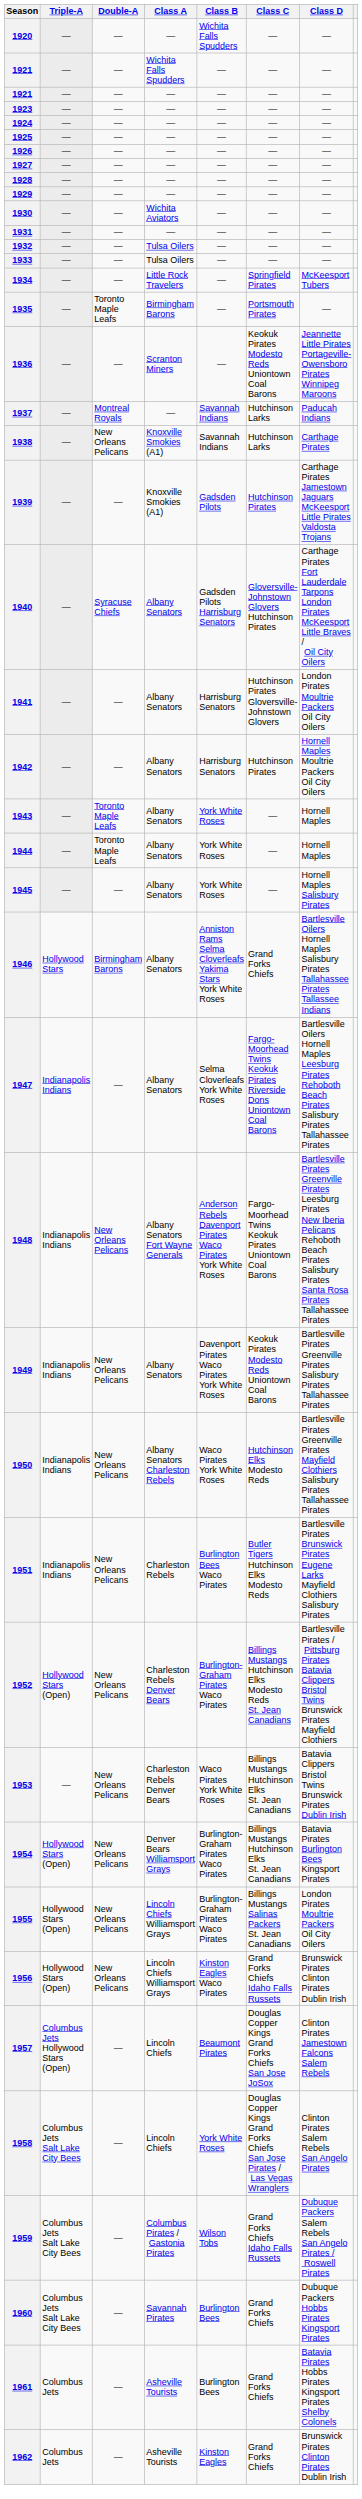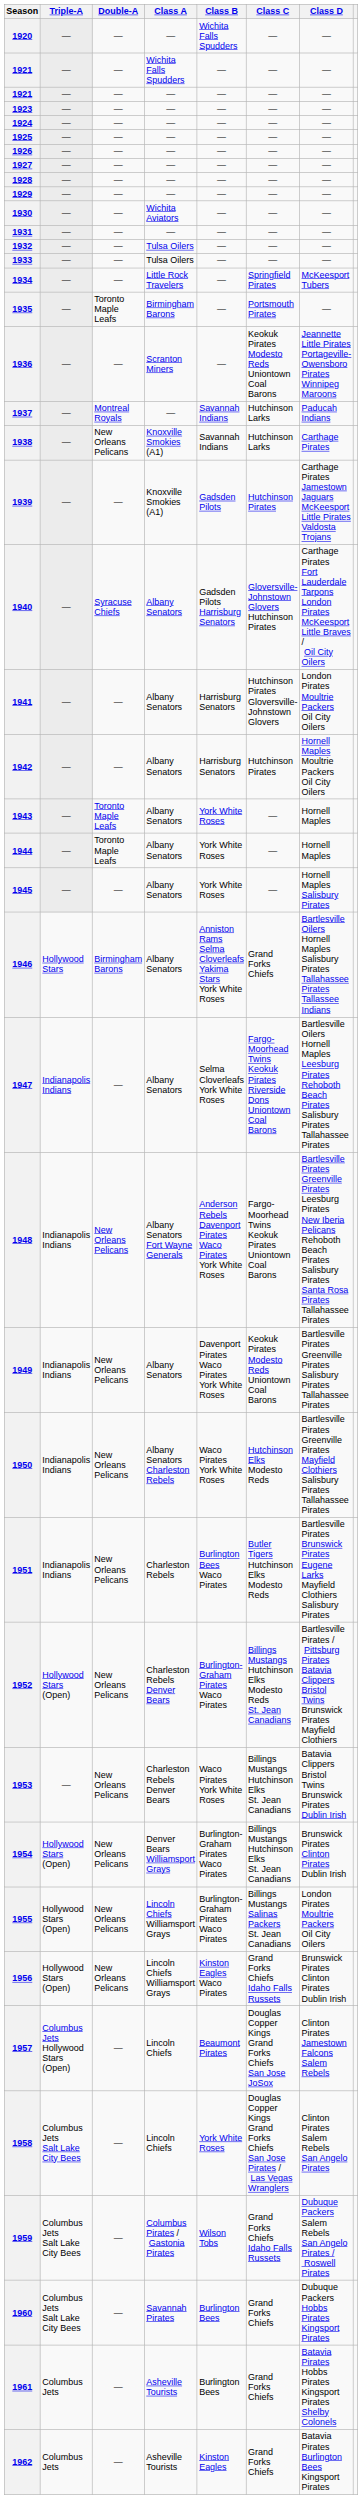 <table class="wikitable plainrowheaders">
 <tr>
 <th scope="col">Season</th>
 <th scope="col"><a href='#'><span>Triple-A</span></a></th>
 <th scope="col"><a href='#'><span>Double-A</span></a></th>
 <th scope="col"><a href='#'><span>Class A</span></a></th>
 <th scope="col"><a href='#'><span>Class B</span></a></th>
 <th scope="col"><a href='#'><span>Class C</span></a></th>
 <th scope="col"><a href='#'><span>Class D</span></a></th>
 <th scope="col"></th>
 </tr>
 <tr>
 <th scope="row" style="text-align:center"><a href='#'>1920</a></th>
 <td style="background:#ececec" align="center">—</td>
 <td align="center">—</td>
 <td align="center">—</td>
 <td><a href='#'>Wichita Falls Spudders</a></td>
 <td align="center">—</td>
 <td align="center">—</td>
 <td align="center"></td>
 </tr>
 <tr>
 <th scope="row" style="text-align:center"><a href='#'>1921</a></th>
 <td style="background:#ececec" align="center">—</td>
 <td align="center">—</td>
 <td><a href='#'>Wichita Falls Spudders</a></td>
 <td align="center">—</td>
 <td align="center">—</td>
 <td align="center">—</td>
 <td align="center"></td>
 </tr>
 <tr>
 <th scope="row" style="text-align:center"><a href='#'>1921</a></th>
 <td style="background:#ececec" align="center">—</td>
 <td align="center">—</td>
 <td align="center">—</td>
 <td align="center">—</td>
 <td align="center">—</td>
 <td align="center">—</td>
 <td align="center"></td>
 </tr>
 <tr>
 <th scope="row" style="text-align:center"><a href='#'>1923</a></th>
 <td style="background:#ececec" align="center">—</td>
 <td align="center">—</td>
 <td align="center">—</td>
 <td align="center">—</td>
 <td align="center">—</td>
 <td align="center">—</td>
 <td align="center"></td>
 </tr>
 <tr>
 <th scope="row" style="text-align:center"><a href='#'>1924</a></th>
 <td style="background:#ececec" align="center">—</td>
 <td align="center">—</td>
 <td align="center">—</td>
 <td align="center">—</td>
 <td align="center">—</td>
 <td align="center">—</td>
 <td align="center"></td>
 </tr>
 <tr>
 <th scope="row" style="text-align:center"><a href='#'>1925</a></th>
 <td style="background:#ececec" align="center">—</td>
 <td align="center">—</td>
 <td align="center">—</td>
 <td align="center">—</td>
 <td align="center">—</td>
 <td align="center">—</td>
 <td align="center"></td>
 </tr>
 <tr>
 <th scope="row" style="text-align:center"><a href='#'>1926</a></th>
 <td style="background:#ececec" align="center">—</td>
 <td align="center">—</td>
 <td align="center">—</td>
 <td align="center">—</td>
 <td align="center">—</td>
 <td align="center">—</td>
 <td align="center"></td>
 </tr>
 <tr>
 <th scope="row" style="text-align:center"><a href='#'>1927</a></th>
 <td style="background:#ececec" align="center">—</td>
 <td align="center">—</td>
 <td align="center">—</td>
 <td align="center">—</td>
 <td align="center">—</td>
 <td align="center">—</td>
 <td align="center"></td>
 </tr>
 <tr>
 <th scope="row" style="text-align:center"><a href='#'>1928</a></th>
 <td style="background:#ececec" align="center">—</td>
 <td align="center">—</td>
 <td align="center">—</td>
 <td align="center">—</td>
 <td align="center">—</td>
 <td align="center">—</td>
 <td align="center"></td>
 </tr>
 <tr>
 <th scope="row" style="text-align:center"><a href='#'>1929</a></th>
 <td style="background:#ececec" align="center">—</td>
 <td align="center">—</td>
 <td align="center">—</td>
 <td align="center">—</td>
 <td align="center">—</td>
 <td align="center">—</td>
 <td align="center"></td>
 </tr>
 <tr>
 <th scope="row" style="text-align:center"><a href='#'>1930</a></th>
 <td style="background:#ececec" align="center">—</td>
 <td align="center">—</td>
 <td><a href='#'>Wichita Aviators</a></td>
 <td align="center">—</td>
 <td align="center">—</td>
 <td align="center">—</td>
 <td align="center"></td>
 </tr>
 <tr>
 <th scope="row" style="text-align:center"><a href='#'>1931</a></th>
 <td style="background:#ececec" align="center">—</td>
 <td align="center">—</td>
 <td align="center">—</td>
 <td align="center">—</td>
 <td align="center">—</td>
 <td align="center">—</td>
 <td align="center"></td>
 </tr>
 <tr>
 <th scope="row" style="text-align:center"><a href='#'>1932</a></th>
 <td style="background:#ececec" align="center">—</td>
 <td align="center">—</td>
 <td><a href='#'>Tulsa Oilers</a></td>
 <td align="center">—</td>
 <td align="center">—</td>
 <td align="center">—</td>
 <td align="center"></td>
 </tr>
 <tr>
 <th scope="row" style="text-align:center"><a href='#'>1933</a></th>
 <td style="background:#ececec" align="center">—</td>
 <td align="center">—</td>
 <td>Tulsa Oilers</td>
 <td align="center">—</td>
 <td align="center">—</td>
 <td align="center">—</td>
 <td align="center"></td>
 </tr>
 <tr>
 <th scope="row" style="text-align:center"><a href='#'>1934</a></th>
 <td style="background:#ececec" align="center">—</td>
 <td align="center">—</td>
 <td><a href='#'>Little Rock Travelers</a></td>
 <td align="center">—</td>
 <td><a href='#'>Springfield Pirates</a></td>
 <td><a href='#'>McKeesport Tubers</a></td>
 <td align="center"></td>
 </tr>
 <tr>
 <th scope="row" style="text-align:center"><a href='#'>1935</a></th>
 <td style="background:#ececec" align="center">—</td>
 <td>Toronto Maple Leafs</td>
 <td><a href='#'>Birmingham Barons</a></td>
 <td align="center">—</td>
 <td><a href='#'>Portsmouth Pirates</a></td>
 <td align="center">—</td>
 <td align="center"></td>
 </tr>
 <tr>
 <th scope="row" style="text-align:center"><a href='#'>1936</a></th>
 <td style="background:#ececec" align="center">—</td>
 <td align="center">—</td>
 <td><a href='#'>Scranton Miners</a></td>
 <td align="center">—</td>
 <td>Keokuk Pirates<br><a href='#'>Modesto Reds</a><br>Uniontown Coal Barons</td>
 <td><a href='#'>Jeannette Little Pirates</a><br><a href='#'>Portageville-Owensboro Pirates</a><br><a href='#'>Winnipeg Maroons</a></td>
 <td align="center"></td>
 </tr>
 <tr>
 <th scope="row" style="text-align:center"><a href='#'>1937</a></th>
 <td style="background:#ececec" align="center">—</td>
 <td><a href='#'>Montreal Royals</a></td>
 <td align="center">—</td>
 <td><a href='#'>Savannah Indians</a></td>
 <td>Hutchinson Larks</td>
 <td><a href='#'>Paducah Indians</a></td>
 <td align="center"></td>
 </tr>
 <tr>
 <th scope="row" style="text-align:center"><a href='#'>1938</a></th>
 <td style="background:#ececec" align="center">—</td>
 <td>New Orleans Pelicans</td>
 <td><a href='#'>Knoxville Smokies</a> (A1)</td>
 <td>Savannah Indians</td>
 <td>Hutchinson Larks</td>
 <td><a href='#'>Carthage Pirates</a></td>
 <td align="center"></td>
 </tr>
 <tr>
 <th scope="row" style="text-align:center"><a href='#'>1939</a></th>
 <td style="background:#ececec" align="center">—</td>
 <td align="center">—</td>
 <td>Knoxville Smokies (A1)</td>
 <td><a href='#'>Gadsden Pilots</a></td>
 <td><a href='#'>Hutchinson Pirates</a></td>
 <td>Carthage Pirates<br><a href='#'>Jamestown Jaguars</a><br><a href='#'>McKeesport Little Pirates</a><br><a href='#'>Valdosta Trojans</a></td>
 <td align="center"></td>
 </tr>
 <tr>
 <th scope="row" style="text-align:center"><a href='#'>1940</a></th>
 <td style="background:#ececec" align="center">—</td>
 <td><a href='#'>Syracuse Chiefs</a></td>
 <td><a href='#'>Albany Senators</a></td>
 <td>Gadsden Pilots<br><a href='#'>Harrisburg Senators</a></td>
 <td><a href='#'>Gloversville-Johnstown Glovers</a><br>Hutchinson Pirates</td>
 <td>Carthage Pirates<br><a href='#'>Fort Lauderdale Tarpons</a><br><a href='#'>London Pirates</a><br><a href='#'>McKeesport Little Braves</a> /<br> <a href='#'>Oil City Oilers</a></td>
 <td align="center"></td>
 </tr>
 <tr>
 <th scope="row" style="text-align:center"><a href='#'>1941</a></th>
 <td style="background:#ececec" align="center">—</td>
 <td align="center">—</td>
 <td>Albany Senators</td>
 <td>Harrisburg Senators</td>
 <td>Hutchinson Pirates<br>Gloversville-Johnstown Glovers</td>
 <td>London Pirates<br><a href='#'>Moultrie Packers</a><br>Oil City Oilers</td>
 <td align="center"></td>
 </tr>
 <tr>
 <th scope="row" style="text-align:center"><a href='#'>1942</a></th>
 <td style="background:#ececec" align="center">—</td>
 <td align="center">—</td>
 <td>Albany Senators</td>
 <td>Harrisburg Senators</td>
 <td>Hutchinson Pirates</td>
 <td><a href='#'>Hornell Maples</a><br>Moultrie Packers<br>Oil City Oilers</td>
 <td align="center"></td>
 </tr>
 <tr>
 <th scope="row" style="text-align:center"><a href='#'>1943</a></th>
 <td style="background:#ececec" align="center">—</td>
 <td><a href='#'>Toronto Maple Leafs</a></td>
 <td>Albany Senators</td>
 <td><a href='#'>York White Roses</a></td>
 <td align="center">—</td>
 <td>Hornell Maples</td>
 <td align="center"></td>
 </tr>
 <tr>
 <th scope="row" style="text-align:center"><a href='#'>1944</a></th>
 <td style="background:#ececec" align="center">—</td>
 <td>Toronto Maple Leafs</td>
 <td>Albany Senators</td>
 <td>York White Roses</td>
 <td align="center">—</td>
 <td>Hornell Maples</td>
 <td align="center"></td>
 </tr>
 <tr>
 <th scope="row" style="text-align:center"><a href='#'>1945</a></th>
 <td style="background:#ececec" align="center">—</td>
 <td align="center">—</td>
 <td>Albany Senators</td>
 <td>York White Roses</td>
 <td align="center">—</td>
 <td>Hornell Maples<br><a href='#'>Salisbury Pirates</a></td>
 <td align="center"></td>
 </tr>
 <tr>
 <th scope="row" style="text-align:center"><a href='#'>1946</a></th>
 <td><a href='#'>Hollywood Stars</a></td>
 <td><a href='#'>Birmingham Barons</a></td>
 <td>Albany Senators</td>
 <td><a href='#'>Anniston Rams</a><br><a href='#'>Selma Cloverleafs</a><br><a href='#'>Yakima Stars</a><br>York White Roses</td>
 <td>Grand Forks Chiefs</td>
 <td><a href='#'>Bartlesville Oilers</a><br>Hornell Maples<br>Salisbury Pirates<br><a href='#'>Tallahassee Pirates</a><br><a href='#'>Tallassee Indians</a></td>
 <td align="center"></td>
 </tr>
 <tr>
 <th scope="row" style="text-align:center"><a href='#'>1947</a></th>
 <td><a href='#'>Indianapolis Indians</a></td>
 <td align="center">—</td>
 <td>Albany Senators</td>
 <td>Selma Cloverleafs<br>York White Roses</td>
 <td><a href='#'>Fargo-Moorhead Twins</a><br><a href='#'>Keokuk Pirates</a><br><a href='#'>Riverside Dons</a><br><a href='#'>Uniontown Coal Barons</a></td>
 <td>Bartlesville Oilers<br>Hornell Maples<br><a href='#'>Leesburg Pirates</a><br><a href='#'>Rehoboth Beach Pirates</a><br>Salisbury Pirates<br>Tallahassee Pirates</td>
 <td align="center"></td>
 </tr>
 <tr>
 <th scope="row" style="text-align:center"><a href='#'>1948</a></th>
 <td>Indianapolis Indians</td>
 <td><a href='#'>New Orleans Pelicans</a></td>
 <td>Albany Senators<br><a href='#'>Fort Wayne Generals</a></td>
 <td><a href='#'>Anderson Rebels</a><br><a href='#'>Davenport Pirates</a><br><a href='#'>Waco Pirates</a><br>York White Roses</td>
 <td>Fargo-Moorhead Twins<br>Keokuk Pirates<br>Uniontown Coal Barons</td>
 <td><a href='#'>Bartlesville Pirates</a><br><a href='#'>Greenville Pirates</a><br>Leesburg Pirates<br><a href='#'>New Iberia Pelicans</a><br>Rehoboth Beach Pirates<br>Salisbury Pirates<br><a href='#'>Santa Rosa Pirates</a><br>Tallahassee Pirates</td>
 <td align="center"></td>
 </tr>
 <tr>
 <th scope="row" style="text-align:center"><a href='#'>1949</a></th>
 <td>Indianapolis Indians</td>
 <td>New Orleans Pelicans</td>
 <td>Albany Senators</td>
 <td>Davenport Pirates<br>Waco Pirates<br>York White Roses</td>
 <td>Keokuk Pirates<br><a href='#'>Modesto Reds</a><br>Uniontown Coal Barons</td>
 <td>Bartlesville Pirates<br>Greenville Pirates<br>Salisbury Pirates<br>Tallahassee Pirates</td>
 <td align="center"></td>
 </tr>
 <tr>
 <th scope="row" style="text-align:center"><a href='#'>1950</a></th>
 <td>Indianapolis Indians</td>
 <td>New Orleans Pelicans</td>
 <td>Albany Senators<br><a href='#'>Charleston Rebels</a></td>
 <td>Waco Pirates<br>York White Roses</td>
 <td><a href='#'>Hutchinson Elks</a><br>Modesto Reds</td>
 <td>Bartlesville Pirates<br>Greenville Pirates<br><a href='#'>Mayfield Clothiers</a><br>Salisbury Pirates<br>Tallahassee Pirates</td>
 <td align="center"></td>
 </tr>
 <tr>
 <th scope="row" style="text-align:center"><a href='#'>1951</a></th>
 <td>Indianapolis Indians</td>
 <td>New Orleans Pelicans</td>
 <td>Charleston Rebels</td>
 <td><a href='#'>Burlington Bees</a><br>Waco Pirates</td>
 <td><a href='#'>Butler Tigers</a><br>Hutchinson Elks<br>Modesto Reds</td>
 <td>Bartlesville Pirates<br><a href='#'>Brunswick Pirates</a><br><a href='#'>Eugene Larks</a><br>Mayfield Clothiers<br>Salisbury Pirates</td>
 <td align="center"></td>
 </tr>
 <tr>
 <th scope="row" style="text-align:center"><a href='#'>1952</a></th>
 <td><a href='#'>Hollywood Stars</a> (Open)</td>
 <td>New Orleans Pelicans</td>
 <td>Charleston Rebels<br><a href='#'>Denver Bears</a></td>
 <td><a href='#'>Burlington-Graham Pirates</a><br>Waco Pirates</td>
 <td><a href='#'>Billings Mustangs</a><br>Hutchinson Elks<br>Modesto Reds<br><a href='#'>St. Jean Canadians</a></td>
 <td>Bartlesville Pirates /<br> <a href='#'>Pittsburg Pirates</a><br><a href='#'>Batavia Clippers</a><br><a href='#'>Bristol Twins</a><br>Brunswick Pirates<br>Mayfield Clothiers</td>
 <td align="center"></td>
 </tr>
 <tr>
 <th scope="row" style="text-align:center"><a href='#'>1953</a></th>
 <td align="center">—</td>
 <td>New Orleans Pelicans</td>
 <td>Charleston Rebels<br>Denver Bears</td>
 <td>Waco Pirates<br>York White Roses</td>
 <td>Billings Mustangs<br>Hutchinson Elks<br>St. Jean Canadians</td>
 <td>Batavia Clippers<br>Bristol Twins<br>Brunswick Pirates<br><a href='#'>Dublin Irish</a></td>
 <td align="center"></td>
 </tr>
 <tr>
 <th scope="row" style="text-align:center"><a href='#'>1954</a></th>
 <td><a href='#'>Hollywood Stars</a> (Open)</td>
 <td>New Orleans Pelicans</td>
 <td>Denver Bears<br><a href='#'>Williamsport Grays</a></td>
 <td>Burlington-Graham Pirates<br>Waco Pirates</td>
 <td>Billings Mustangs<br>Hutchinson Elks<br>St. Jean Canadians</td>
-<td>Batavia Pirates<br><a href='#'>Burlington Bees</a><br>Kingsport Pirates</td>
+<td>Brunswick Pirates<br><a href='#'>Clinton Pirates</a><br>Dublin Irish</td>
 <td align="center"></td>
 </tr>
 <tr>
 <th scope="row" style="text-align:center"><a href='#'>1955</a></th>
 <td>Hollywood Stars (Open)</td>
 <td>New Orleans Pelicans</td>
 <td><a href='#'>Lincoln Chiefs</a><br>Williamsport Grays</td>
 <td>Burlington-Graham Pirates<br>Waco Pirates</td>
 <td>Billings Mustangs<br><a href='#'>Salinas Packers</a><br>St. Jean Canadians</td>
 <td>London Pirates<br><a href='#'>Moultrie Packers</a><br>Oil City Oilers</td>
 <td align="center"></td>
 </tr>
 <tr>
 <th scope="row" style="text-align:center"><a href='#'>1956</a></th>
 <td>Hollywood Stars (Open)</td>
 <td>New Orleans Pelicans</td>
 <td>Lincoln Chiefs<br>Williamsport Grays</td>
 <td><a href='#'>Kinston Eagles</a><br>Waco Pirates</td>
 <td>Grand Forks Chiefs<br><a href='#'>Idaho Falls Russets</a></td>
 <td>Brunswick Pirates<br>Clinton Pirates<br>Dublin Irish</td>
 <td align="center"></td>
 </tr>
 <tr>
 <th scope="row" style="text-align:center"><a href='#'>1957</a></th>
 <td><a href='#'>Columbus Jets</a><br>Hollywood Stars (Open)</td>
 <td align="center">—</td>
 <td>Lincoln Chiefs</td>
 <td><a href='#'>Beaumont Pirates</a></td>
 <td>Douglas Copper Kings<br>Grand Forks Chiefs<br><a href='#'>San Jose JoSox</a></td>
 <td>Clinton Pirates<br><a href='#'>Jamestown Falcons</a><br><a href='#'>Salem Rebels</a></td>
 <td align="center"></td>
 </tr>
 <tr>
 <th scope="row" style="text-align:center"><a href='#'>1958</a></th>
 <td>Columbus Jets<br><a href='#'>Salt Lake City Bees</a></td>
 <td align="center">—</td>
 <td>Lincoln Chiefs</td>
 <td><a href='#'>York White Roses</a></td>
 <td>Douglas Copper Kings<br>Grand Forks Chiefs<br><a href='#'>San Jose Pirates</a> /<br> <a href='#'>Las Vegas Wranglers</a></td>
 <td>Clinton Pirates<br>Salem Rebels<br><a href='#'>San Angelo Pirates</a></td>
 <td align="center"></td>
 </tr>
 <tr>
 <th scope="row" style="text-align:center"><a href='#'>1959</a></th>
 <td>Columbus Jets<br>Salt Lake City Bees</td>
 <td align="center">—</td>
 <td><a href='#'>Columbus Pirates</a> /<br> <a href='#'>Gastonia Pirates</a></td>
 <td><a href='#'>Wilson Tobs</a></td>
 <td>Grand Forks Chiefs<br><a href='#'>Idaho Falls Russets</a></td>
 <td><a href='#'>Dubuque Packers</a><br>Salem Rebels<br><a href='#'>San Angelo Pirates /<br> Roswell Pirates</a></td>
 <td align="center"></td>
 </tr>
 <tr>
 <th scope="row" style="text-align:center"><a href='#'>1960</a></th>
 <td>Columbus Jets<br>Salt Lake City Bees</td>
 <td align="center">—</td>
 <td><a href='#'>Savannah Pirates</a></td>
 <td><a href='#'>Burlington Bees</a></td>
 <td>Grand Forks Chiefs</td>
 <td>Dubuque Packers<br><a href='#'>Hobbs Pirates</a><br><a href='#'>Kingsport Pirates</a></td>
 <td align="center"></td>
 </tr>
 <tr>
 <th scope="row" style="text-align:center"><a href='#'>1961</a></th>
 <td>Columbus Jets</td>
 <td align="center">—</td>
 <td><a href='#'>Asheville Tourists</a></td>
 <td>Burlington Bees</td>
 <td>Grand Forks Chiefs</td>
 <td><a href='#'>Batavia Pirates</a><br>Hobbs Pirates<br>Kingsport Pirates<br><a href='#'>Shelby Colonels</a></td>
 <td align="center"></td>
 </tr>
 <tr>
 <th scope="row" style="text-align:center"><a href='#'>1962</a></th>
 <td>Columbus Jets</td>
 <td align="center">—</td>
 <td>Asheville Tourists</td>
 <td><a href='#'>Kinston Eagles</a></td>
 <td>Grand Forks Chiefs</td>
-<td>Brunswick Pirates<br><a href='#'>Clinton Pirates</a><br>Dublin Irish</td>
+<td>Batavia Pirates<br><a href='#'>Burlington Bees</a><br>Kingsport Pirates</td>
 <td align="center"></td>
 </tr>
 </table>
